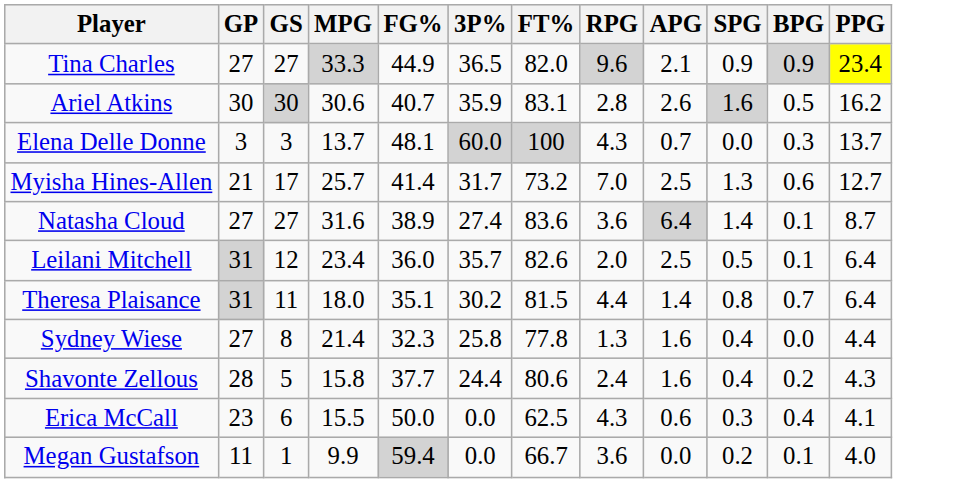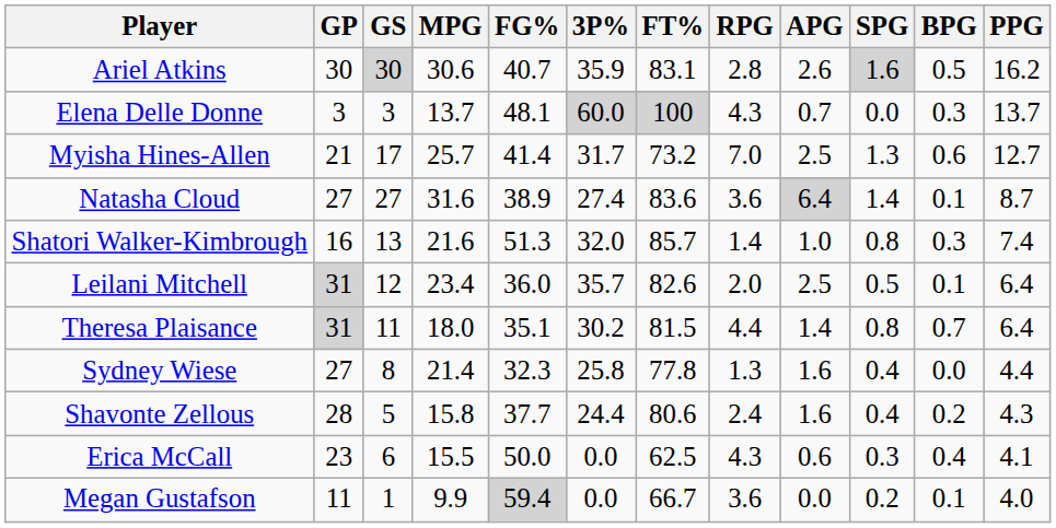 <table class="wikitable sortable" style="text-align:center;">
 <tr>
 <th>Player</th>
 <th>GP</th>
 <th>GS</th>
 <th>MPG</th>
 <th>FG%</th>
 <th>3P%</th>
 <th>FT%</th>
 <th>RPG</th>
 <th>APG</th>
 <th>SPG</th>
 <th>BPG</th>
 <th>PPG</th>
-</tr>
-<tr>
-<td><a href='#'>Tina Charles</a></td>
-<td>27</td>
-<td>27</td>
-<td style="background:#D3D3D3;">33.3</td>
-<td>44.9</td>
-<td>36.5</td>
-<td>82.0</td>
-<td style="background:#D3D3D3;">9.6</td>
-<td>2.1</td>
-<td>0.9</td>
-<td style="background:#D3D3D3;">0.9</td>
-<td style="background:yellow;">23.4</td>
 </tr>
 <tr>
 <td><a href='#'>Ariel Atkins</a></td>
 <td>30</td>
 <td style="background:#D3D3D3;">30</td>
 <td>30.6</td>
 <td>40.7</td>
 <td>35.9</td>
 <td>83.1</td>
 <td>2.8</td>
 <td>2.6</td>
 <td style="background:#D3D3D3;">1.6</td>
 <td>0.5</td>
 <td>16.2</td>
 </tr>
 <tr>
 <td><a href='#'>Elena Delle Donne</a></td>
 <td>3</td>
 <td>3</td>
 <td>13.7</td>
 <td>48.1</td>
 <td style="background:#D3D3D3;">60.0</td>
 <td style="background:#D3D3D3;">100</td>
 <td>4.3</td>
 <td>0.7</td>
 <td>0.0</td>
 <td>0.3</td>
 <td>13.7</td>
 </tr>
 <tr>
 <td><a href='#'>Myisha Hines-Allen</a></td>
 <td>21</td>
 <td>17</td>
 <td>25.7</td>
 <td>41.4</td>
 <td>31.7</td>
 <td>73.2</td>
 <td>7.0</td>
 <td>2.5</td>
 <td>1.3</td>
 <td>0.6</td>
 <td>12.7</td>
 </tr>
 <tr>
 <td><a href='#'>Natasha Cloud</a></td>
 <td>27</td>
 <td>27</td>
 <td>31.6</td>
 <td>38.9</td>
 <td>27.4</td>
 <td>83.6</td>
 <td>3.6</td>
 <td style="background:#D3D3D3;">6.4</td>
 <td>1.4</td>
 <td>0.1</td>
 <td>8.7</td>
+</tr>
+<tr>
+<td><a href='#'>Shatori Walker-Kimbrough</a></td>
+<td>16</td>
+<td>13</td>
+<td>21.6</td>
+<td>51.3</td>
+<td>32.0</td>
+<td>85.7</td>
+<td>1.4</td>
+<td>1.0</td>
+<td>0.8</td>
+<td>0.3</td>
+<td>7.4</td>
 </tr>
 <tr>
 <td><a href='#'>Leilani Mitchell</a></td>
 <td style="background:#D3D3D3;">31</td>
 <td>12</td>
 <td>23.4</td>
 <td>36.0</td>
 <td>35.7</td>
 <td>82.6</td>
 <td>2.0</td>
 <td>2.5</td>
 <td>0.5</td>
 <td>0.1</td>
 <td>6.4</td>
 </tr>
 <tr>
 <td><a href='#'>Theresa Plaisance</a></td>
 <td style="background:#D3D3D3;">31</td>
 <td>11</td>
 <td>18.0</td>
 <td>35.1</td>
 <td>30.2</td>
 <td>81.5</td>
 <td>4.4</td>
 <td>1.4</td>
 <td>0.8</td>
 <td>0.7</td>
 <td>6.4</td>
 </tr>
 <tr>
 <td><a href='#'>Sydney Wiese</a></td>
 <td>27</td>
 <td>8</td>
 <td>21.4</td>
 <td>32.3</td>
 <td>25.8</td>
 <td>77.8</td>
 <td>1.3</td>
 <td>1.6</td>
 <td>0.4</td>
 <td>0.0</td>
 <td>4.4</td>
 </tr>
 <tr>
 <td><a href='#'>Shavonte Zellous</a></td>
 <td>28</td>
 <td>5</td>
 <td>15.8</td>
 <td>37.7</td>
 <td>24.4</td>
 <td>80.6</td>
 <td>2.4</td>
 <td>1.6</td>
 <td>0.4</td>
 <td>0.2</td>
 <td>4.3</td>
 </tr>
 <tr>
 <td><a href='#'>Erica McCall</a></td>
 <td>23</td>
 <td>6</td>
 <td>15.5</td>
 <td>50.0</td>
 <td>0.0</td>
 <td>62.5</td>
 <td>4.3</td>
 <td>0.6</td>
 <td>0.3</td>
 <td>0.4</td>
 <td>4.1</td>
 </tr>
 <tr>
 <td><a href='#'>Megan Gustafson</a></td>
 <td>11</td>
 <td>1</td>
 <td>9.9</td>
 <td style="background:#D3D3D3;">59.4</td>
 <td>0.0</td>
 <td>66.7</td>
 <td>3.6</td>
 <td>0.0</td>
 <td>0.2</td>
 <td>0.1</td>
 <td>4.0</td>
 </tr>
 </table>
